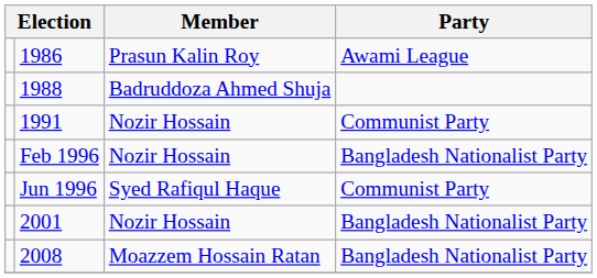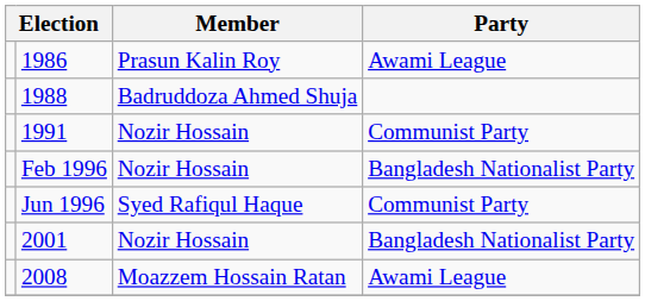 <table class="wikitable">
 <tr>
 <th colspan="2">Election</th>
 <th>Member</th>
 <th>Party</th>
 </tr>
 <tr>
 <td style="background-color:"></td>
 <td><a href='#'>1986</a></td>
 <td><a href='#'>Prasun Kalin Roy</a></td>
 <td><a href='#'>Awami League</a></td>
 </tr>
 <tr>
 <td></td>
 <td><a href='#'>1988</a></td>
 <td><a href='#'>Badruddoza Ahmed Shuja</a></td>
 <td></td>
 </tr>
 <tr>
 <td style="background-color:"></td>
 <td><a href='#'>1991</a></td>
 <td><a href='#'>Nozir Hossain</a></td>
 <td><a href='#'>Communist Party</a></td>
 </tr>
 <tr>
 <td style="background-color:"></td>
 <td><a href='#'>Feb 1996</a></td>
 <td><a href='#'>Nozir Hossain</a></td>
 <td><a href='#'>Bangladesh Nationalist Party</a></td>
 </tr>
 <tr>
 <td style="background-color:"></td>
 <td><a href='#'>Jun 1996</a></td>
 <td><a href='#'>Syed Rafiqul Haque</a></td>
 <td><a href='#'>Communist Party</a></td>
 </tr>
 <tr>
 <td style="background-color:"></td>
 <td><a href='#'>2001</a></td>
 <td><a href='#'>Nozir Hossain</a></td>
 <td><a href='#'>Bangladesh Nationalist Party</a></td>
 </tr>
 <tr>
 <td style="background-color:"></td>
 <td><a href='#'>2008</a></td>
 <td><a href='#'>Moazzem Hossain Ratan</a></td>
-<td><a href='#'>Bangladesh Nationalist Party</a></td>
+<td><a href='#'>Awami League</a></td>
 </tr>
 <tr>
 </tr>
 </table>
